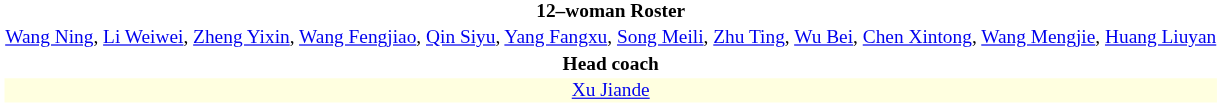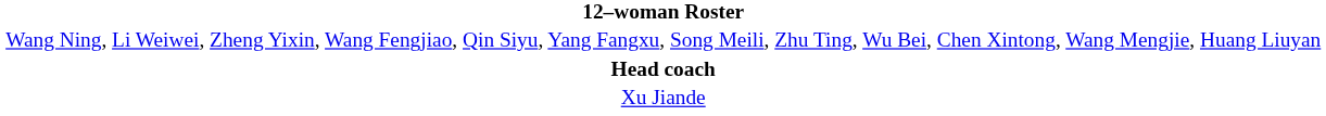 <table style="text-align: center; margin-top: 2em; margin-left: auto; margin-right: auto">
 <tr>
 <td><strong>12–woman Roster</strong></td>
 </tr>
 <tr>
 <td><a href='#'>Wang Ning</a>, <a href='#'>Li Weiwei</a>,  <a href='#'>Zheng Yixin</a>, <a href='#'>Wang Fengjiao</a>, <a href='#'>Qin Siyu</a>, <a href='#'>Yang Fangxu</a>, <a href='#'>Song Meili</a>, <a href='#'>Zhu Ting</a>, <a href='#'>Wu Bei</a>, <a href='#'>Chen Xintong</a>, <a href='#'>Wang Mengjie</a>, <a href='#'>Huang Liuyan</a></td>
 </tr>
 <tr>
 <td><strong>Head coach</strong></td>
 </tr>
 <tr>
-<td style="background: lightyellow;"><a href='#'>Xu Jiande</a></td>
+<td><a href='#'>Xu Jiande</a></td>
 </tr>
 </table>
